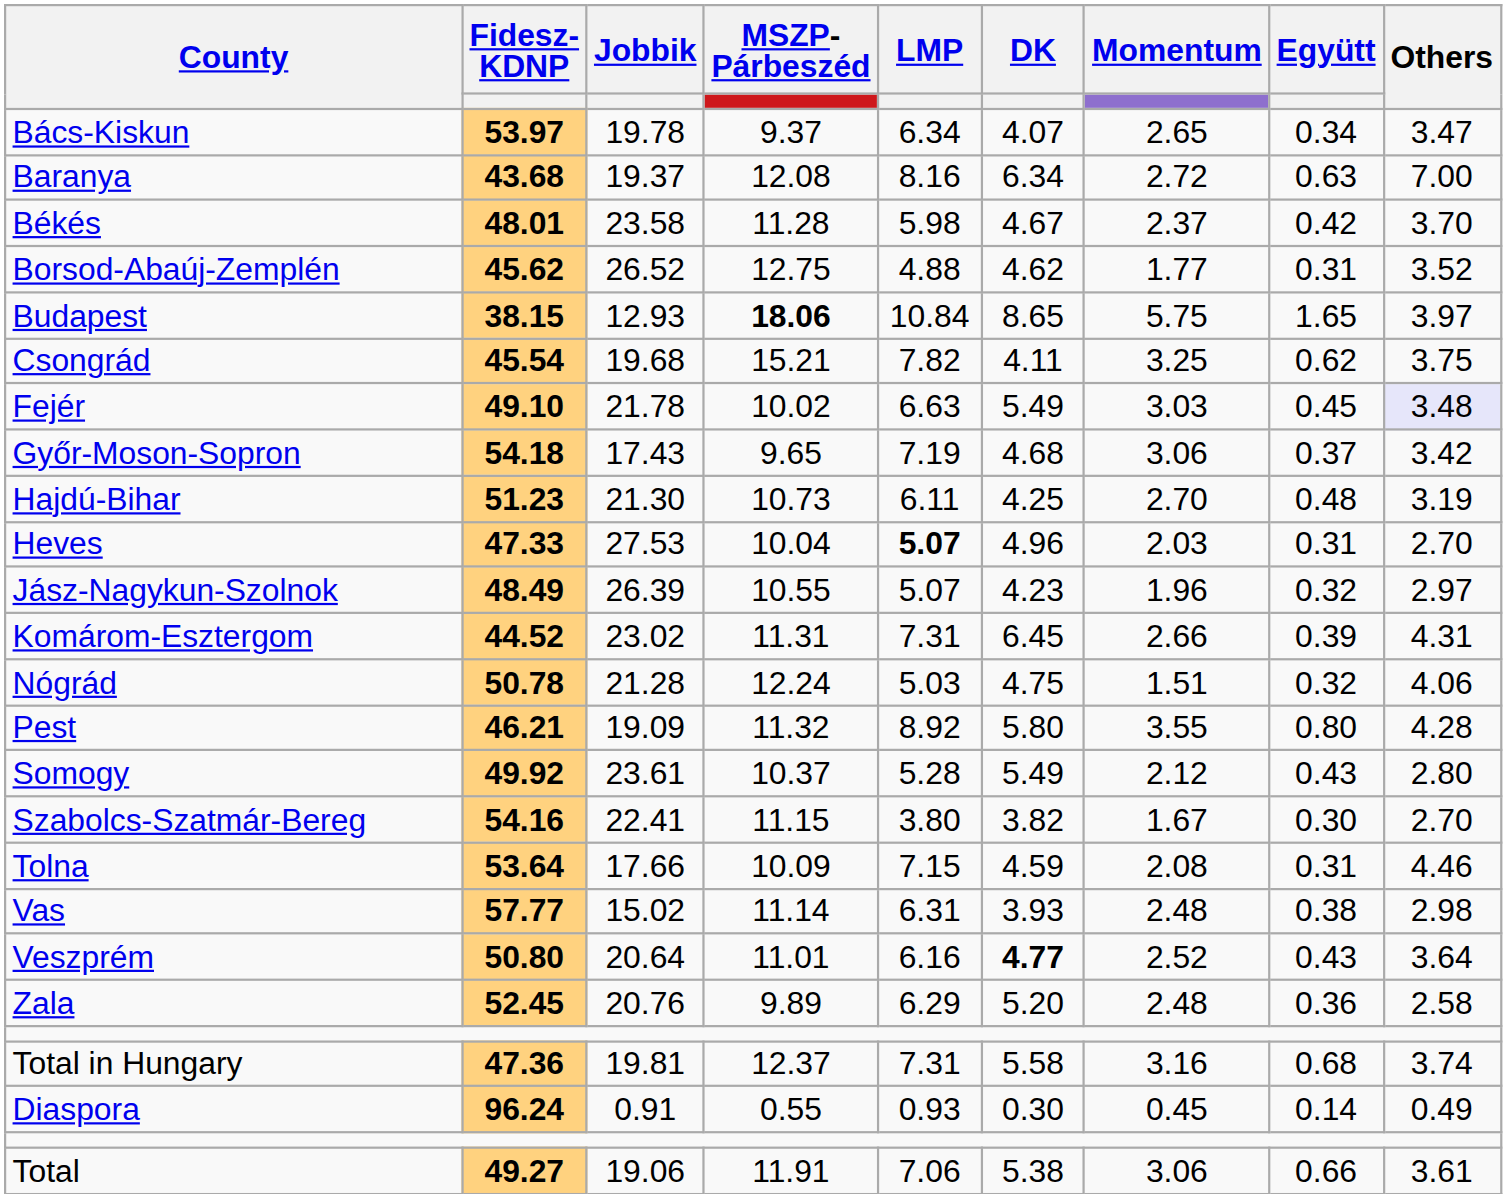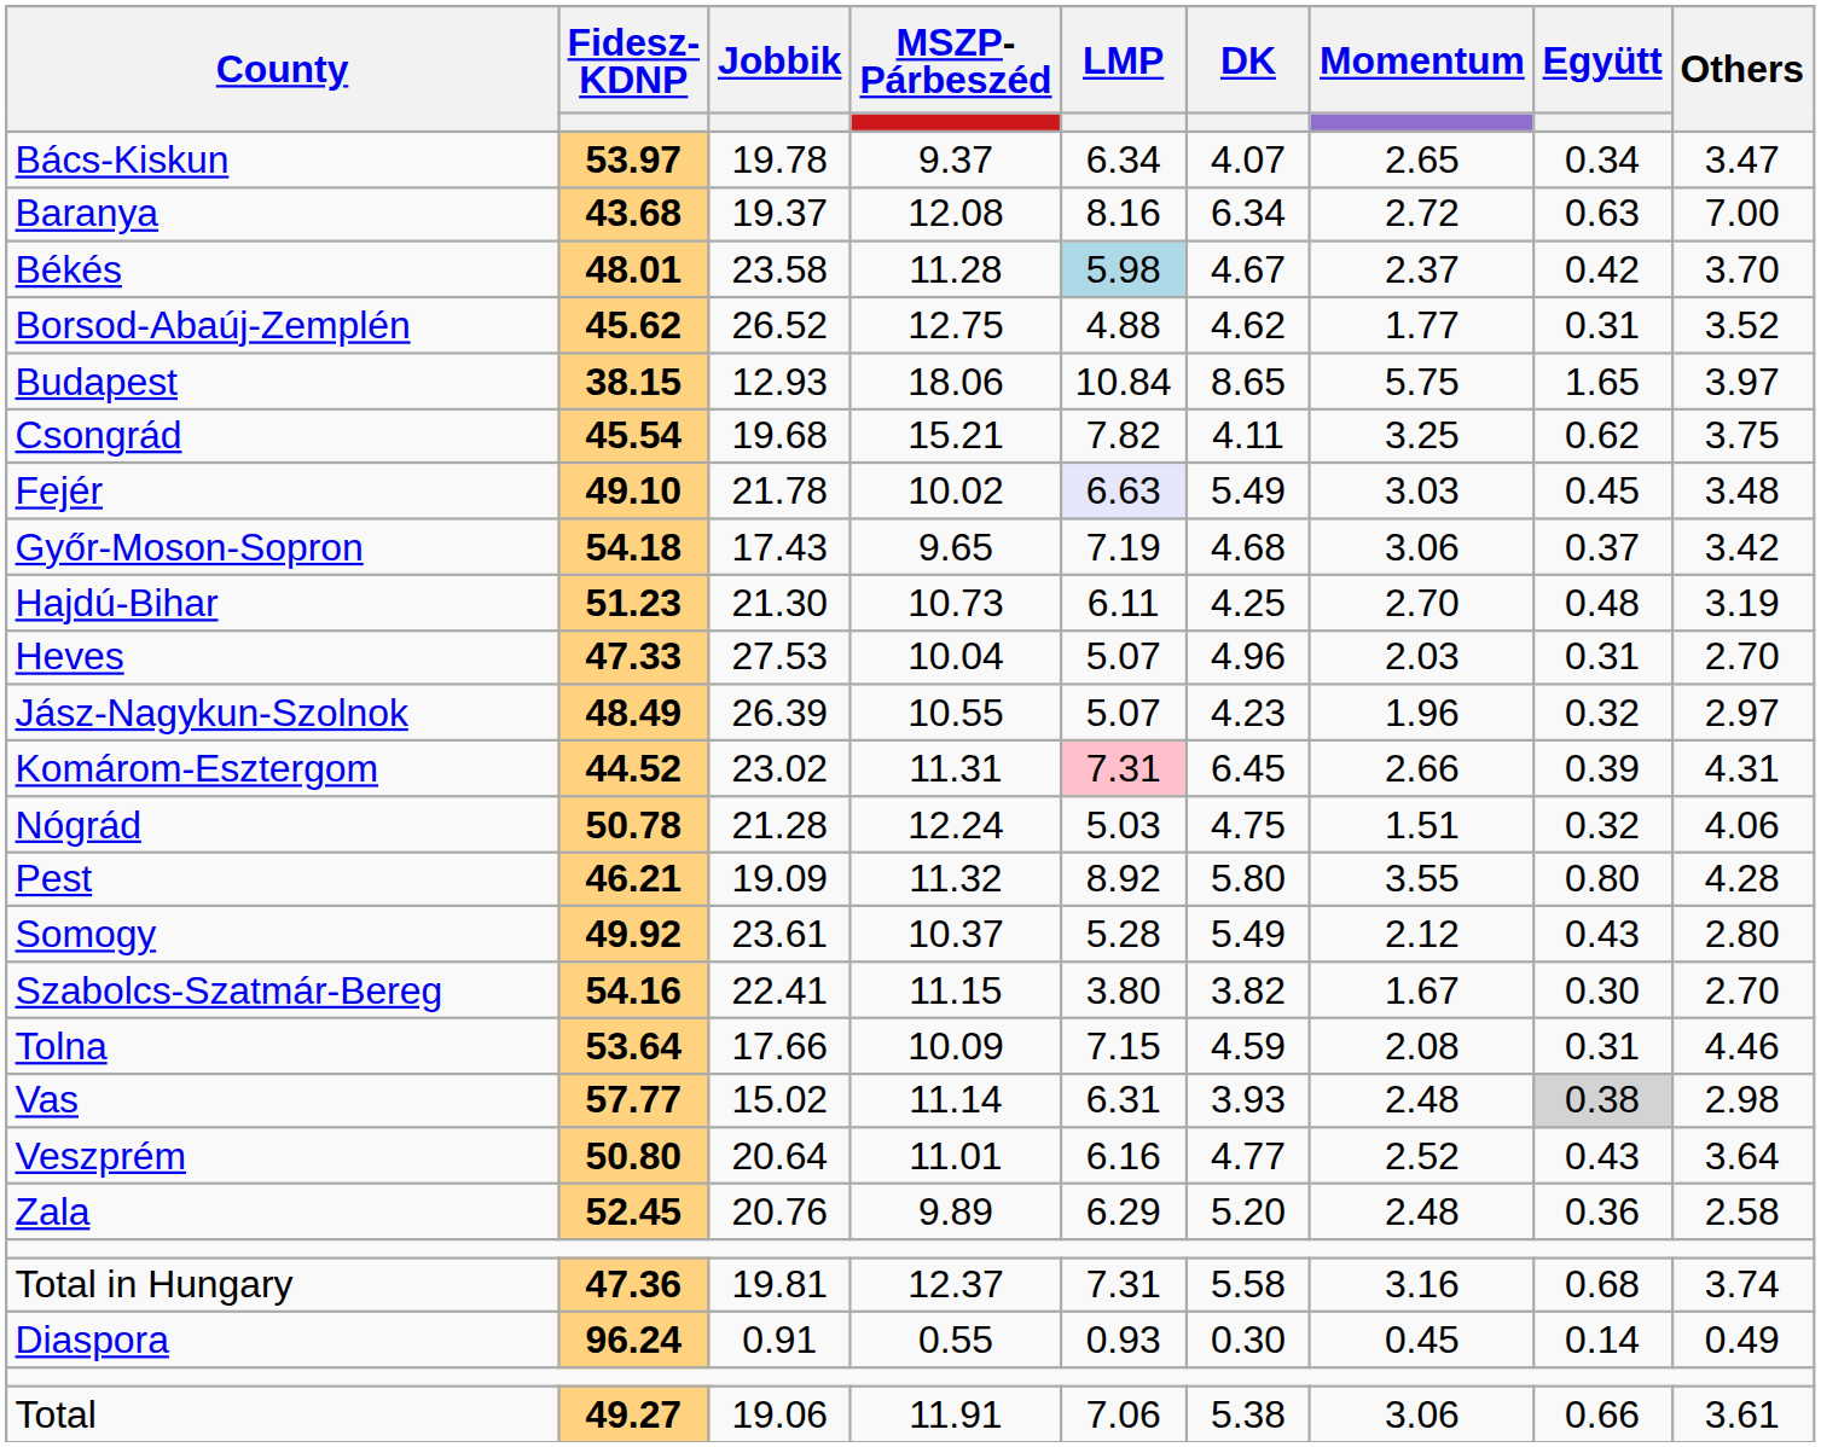 <table class="wikitable sortable" style="text-align:center;font-size:90%;line-height:14px">
 <tr style="height:40px;">
 <th style="width:200px;" rowspan="2"><a href='#'>County</a></th>
 <th style="width:40px;"><a href='#'>Fidesz-KDNP</a></th>
 <th style="width:40px;"><a href='#'>Jobbik</a></th>
 <th style="width:40px;"><a href='#'>MSZP</a>-<a href='#'>Párbeszéd</a></th>
 <th style="width:40px;"><a href='#'>LMP</a></th>
 <th style="width:40px;"><a href='#'>DK</a></th>
 <th style="width:40px;"><a href='#'>Momentum</a></th>
 <th style="width:40px;"><a href='#'>Együtt</a></th>
 <th class="unsortable" style="width:40px;" rowspan="2">Others</th>
 </tr>
 <tr>
 <th style="background:"></th>
 <th style="background:"></th>
 <th style="background:#CE171B;"></th>
 <th style="background:"></th>
 <th style="background:"></th>
 <th style="background:#8e6fce;"></th>
 <th style="background:"></th>
 </tr>
 <tr>
 <td align="left"><a href='#'>Bács-Kiskun</a></td>
 <td style="background:#ffd27f;"><strong>53.97</strong></td>
 <td>19.78</td>
 <td>9.37</td>
 <td>6.34</td>
 <td>4.07</td>
 <td>2.65</td>
 <td>0.34</td>
 <td>3.47</td>
 </tr>
 <tr>
 <td align="left"><a href='#'>Baranya</a></td>
 <td style="background:#ffd27f;"><strong>43.68</strong></td>
 <td>19.37</td>
 <td>12.08</td>
 <td>8.16</td>
 <td>6.34</td>
 <td>2.72</td>
 <td>0.63</td>
 <td>7.00</td>
 </tr>
 <tr>
 <td align="left"><a href='#'>Békés</a></td>
 <td style="background:#ffd27f;"><strong>48.01</strong></td>
 <td>23.58</td>
 <td>11.28</td>
-<td>5.98</td>
+<td style="background: lightblue;">5.98</td>
 <td>4.67</td>
 <td>2.37</td>
 <td>0.42</td>
 <td>3.70</td>
 </tr>
 <tr>
 <td align="left"><a href='#'>Borsod-Abaúj-Zemplén</a></td>
 <td style="background:#ffd27f;"><strong>45.62</strong></td>
 <td>26.52</td>
 <td>12.75</td>
 <td>4.88</td>
 <td>4.62</td>
 <td>1.77</td>
 <td>0.31</td>
 <td>3.52</td>
 </tr>
 <tr>
 <td align="left"><a href='#'>Budapest</a></td>
 <td style="background:#ffd27f;"><strong>38.15</strong></td>
 <td>12.93</td>
-<td><strong>18.06</strong></td>
+<td>18.06</td>
 <td>10.84</td>
 <td>8.65</td>
 <td>5.75</td>
 <td>1.65</td>
 <td>3.97</td>
 </tr>
 <tr>
 <td align="left"><a href='#'>Csongrád</a></td>
 <td style="background:#ffd27f;"><strong>45.54</strong></td>
 <td>19.68</td>
 <td>15.21</td>
 <td>7.82</td>
 <td>4.11</td>
 <td>3.25</td>
 <td>0.62</td>
 <td>3.75</td>
 </tr>
 <tr>
 <td align="left"><a href='#'>Fejér</a></td>
 <td style="background:#ffd27f;"><strong>49.10</strong></td>
 <td>21.78</td>
 <td>10.02</td>
-<td>6.63</td>
+<td style="background: lavender;">6.63</td>
 <td>5.49</td>
 <td>3.03</td>
 <td>0.45</td>
-<td style="background: lavender;">3.48</td>
+<td>3.48</td>
 </tr>
 <tr>
 <td align="left"><a href='#'>Győr-Moson-Sopron</a></td>
 <td style="background:#ffd27f;"><strong>54.18</strong></td>
 <td>17.43</td>
 <td>9.65</td>
 <td>7.19</td>
 <td>4.68</td>
 <td>3.06</td>
 <td>0.37</td>
 <td>3.42</td>
 </tr>
 <tr>
 <td align="left"><a href='#'>Hajdú-Bihar</a></td>
 <td style="background:#ffd27f;"><strong>51.23</strong></td>
 <td>21.30</td>
 <td>10.73</td>
 <td>6.11</td>
 <td>4.25</td>
 <td>2.70</td>
 <td>0.48</td>
 <td>3.19</td>
 </tr>
 <tr>
 <td align="left"><a href='#'>Heves</a></td>
 <td style="background:#ffd27f;"><strong>47.33</strong></td>
 <td>27.53</td>
 <td>10.04</td>
-<td><strong>5.07</strong></td>
+<td>5.07</td>
 <td>4.96</td>
 <td>2.03</td>
 <td>0.31</td>
 <td>2.70</td>
 </tr>
 <tr>
 <td align="left"><a href='#'>Jász-Nagykun-Szolnok</a></td>
 <td style="background:#ffd27f;"><strong>48.49</strong></td>
 <td>26.39</td>
 <td>10.55</td>
 <td>5.07</td>
 <td>4.23</td>
 <td>1.96</td>
 <td>0.32</td>
 <td>2.97</td>
 </tr>
 <tr>
 <td align="left"><a href='#'>Komárom-Esztergom</a></td>
 <td style="background:#ffd27f;"><strong>44.52</strong></td>
 <td>23.02</td>
 <td>11.31</td>
-<td>7.31</td>
+<td style="background: pink;">7.31</td>
 <td>6.45</td>
 <td>2.66</td>
 <td>0.39</td>
 <td>4.31</td>
 </tr>
 <tr>
 <td align="left"><a href='#'>Nógrád</a></td>
 <td style="background:#ffd27f;"><strong>50.78</strong></td>
 <td>21.28</td>
 <td>12.24</td>
 <td>5.03</td>
 <td>4.75</td>
 <td>1.51</td>
 <td>0.32</td>
 <td>4.06</td>
 </tr>
 <tr>
 <td align="left"><a href='#'>Pest</a></td>
 <td style="background:#ffd27f;"><strong>46.21</strong></td>
 <td>19.09</td>
 <td>11.32</td>
 <td>8.92</td>
 <td>5.80</td>
 <td>3.55</td>
 <td>0.80</td>
 <td>4.28</td>
 </tr>
 <tr>
 <td align="left"><a href='#'>Somogy</a></td>
 <td style="background:#ffd27f;"><strong>49.92</strong></td>
 <td>23.61</td>
 <td>10.37</td>
 <td>5.28</td>
 <td>5.49</td>
 <td>2.12</td>
 <td>0.43</td>
 <td>2.80</td>
 </tr>
 <tr>
 <td align="left"><a href='#'>Szabolcs-Szatmár-Bereg</a></td>
 <td style="background:#ffd27f;"><strong>54.16</strong></td>
 <td>22.41</td>
 <td>11.15</td>
 <td>3.80</td>
 <td>3.82</td>
 <td>1.67</td>
 <td>0.30</td>
 <td>2.70</td>
 </tr>
 <tr>
 <td align="left"><a href='#'>Tolna</a></td>
 <td style="background:#ffd27f;"><strong>53.64</strong></td>
 <td>17.66</td>
 <td>10.09</td>
 <td>7.15</td>
 <td>4.59</td>
 <td>2.08</td>
 <td>0.31</td>
 <td>4.46</td>
 </tr>
 <tr>
 <td align="left"><a href='#'>Vas</a></td>
 <td style="background:#ffd27f;"><strong>57.77</strong></td>
 <td>15.02</td>
 <td>11.14</td>
 <td>6.31</td>
 <td>3.93</td>
 <td>2.48</td>
-<td>0.38</td>
+<td style="background: lightgrey;">0.38</td>
 <td>2.98</td>
 </tr>
 <tr>
 <td align="left"><a href='#'>Veszprém</a></td>
 <td style="background:#ffd27f;"><strong>50.80</strong></td>
 <td>20.64</td>
 <td>11.01</td>
 <td>6.16</td>
-<td><strong>4.77</strong></td>
+<td>4.77</td>
 <td>2.52</td>
 <td>0.43</td>
 <td>3.64</td>
 </tr>
 <tr>
 <td align="left"><a href='#'>Zala</a></td>
 <td style="background:#ffd27f;"><strong>52.45</strong></td>
 <td>20.76</td>
 <td>9.89</td>
 <td>6.29</td>
 <td>5.20</td>
 <td>2.48</td>
 <td>0.36</td>
 <td>2.58</td>
 </tr>
 <tr>
 <td colspan=10></td>
 </tr>
 <tr>
 <td align="left">Total in Hungary</td>
 <td style="background:#ffd27f;"><strong>47.36</strong></td>
 <td>19.81</td>
 <td>12.37</td>
 <td>7.31</td>
 <td>5.58</td>
 <td>3.16</td>
 <td>0.68</td>
 <td>3.74</td>
 </tr>
 <tr>
 <td align="left"><a href='#'>Diaspora</a></td>
 <td style="background:#ffd27f;"><strong>96.24</strong></td>
 <td>0.91</td>
 <td>0.55</td>
 <td>0.93</td>
 <td>0.30</td>
 <td>0.45</td>
 <td>0.14</td>
 <td>0.49</td>
 </tr>
 <tr>
 <td colspan=10></td>
 </tr>
 <tr>
 <td align="left">Total</td>
 <td style="background:#ffd27f;"><strong>49.27</strong></td>
 <td>19.06</td>
 <td>11.91</td>
 <td>7.06</td>
 <td>5.38</td>
 <td>3.06</td>
 <td>0.66</td>
 <td>3.61</td>
 </tr>
 </table>
